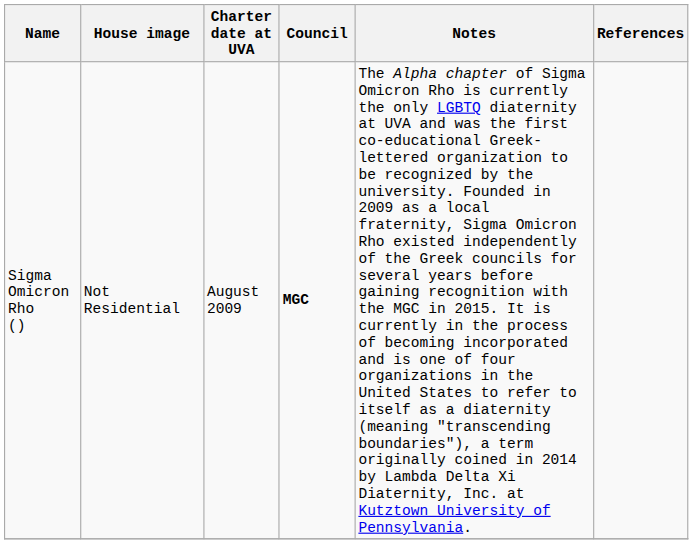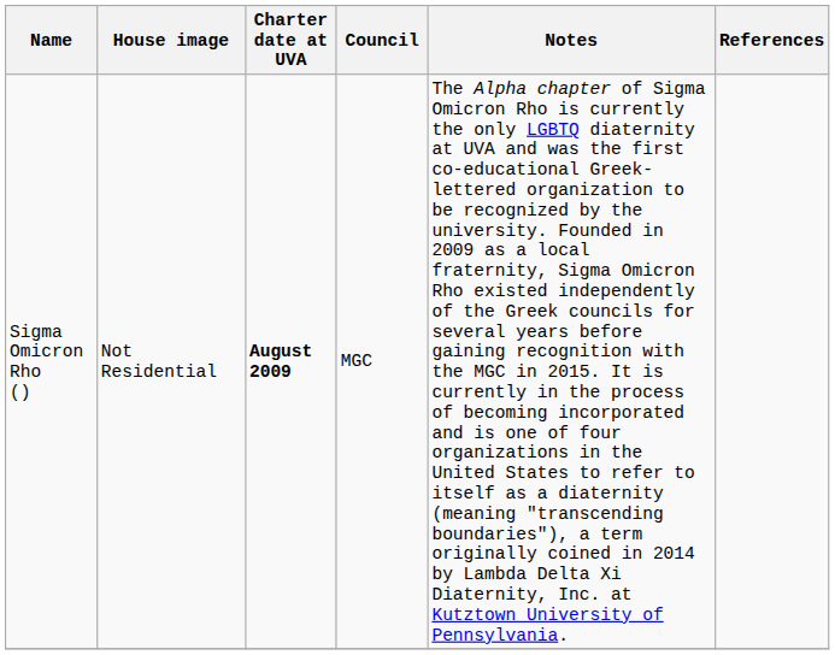 <table class="wikitable sortable">
 <tr>
 <th style="text-align:center; width:100px;">Name</th>
 <th class="unsortable" style="text-align:center; width:205px;">House image</th>
 <th style="text-align:center; width:100px;">Charter date at UVA</th>
 <th style="text-align:center; width:100px;">Council</th>
 <th class="unsortable" style="text-align:center; width:800px;">Notes</th>
 <th class="unsortable" style="text-align:center; width:75px;">References</th>
 </tr>
 <tr>
 <td>Sigma Omicron Rho<br>()</td>
 <td>Not Residential</td>
-<td>August 2009</td>
-<td><strong>MGC</strong></td>
+<td><strong>August 2009</strong></td>
+<td>MGC</td>
 <td>The <em>Alpha chapter</em> of Sigma Omicron Rho is currently the only <a href='#'>LGBTQ</a> diaternity at UVA and was the first co-educational Greek-lettered organization to be recognized by the university. Founded in 2009 as a local fraternity, Sigma Omicron Rho existed independently of the Greek councils for several years before gaining recognition with the MGC in 2015. It is currently in the process of becoming incorporated and is one of four organizations in the United States to refer to itself as a diaternity (meaning "transcending boundaries"), a term originally coined in 2014 by Lambda Delta Xi Diaternity, Inc. at <a href='#'>Kutztown University of Pennsylvania</a>.</td>
 <td></td>
 </tr>
 <tr>
 </tr>
 </table>
